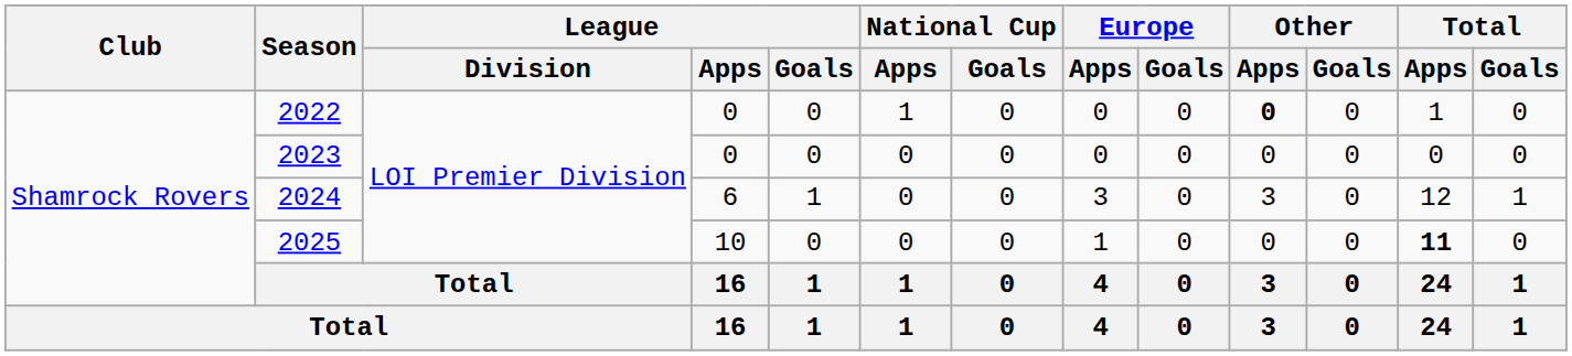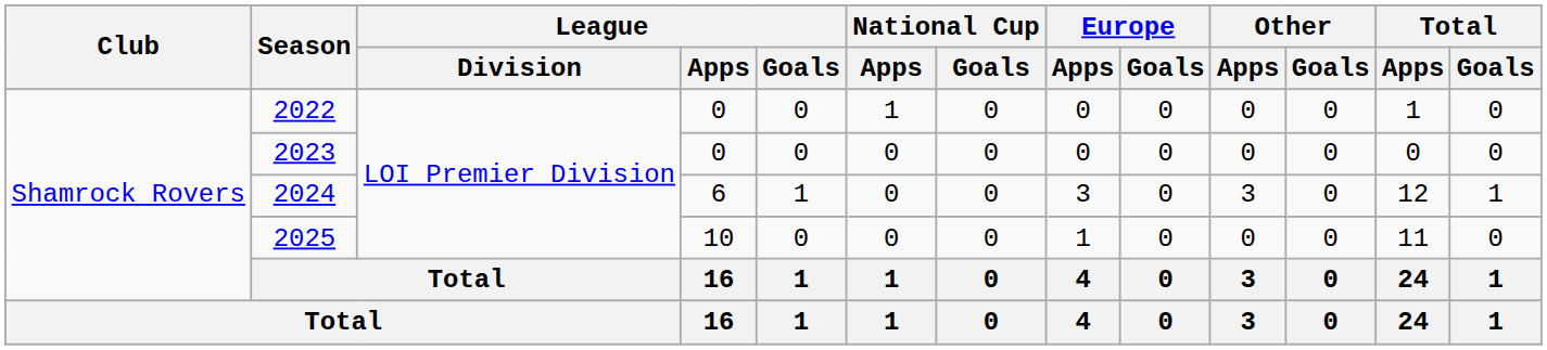 <table class=wikitable style="text-align: center">
 <tr>
 <th rowspan=2>Club</th>
 <th rowspan=2>Season</th>
 <th colspan=3>League</th>
 <th colspan=2>National Cup</th>
 <th colspan=2><a href='#'>Europe</a></th>
 <th colspan=2>Other</th>
 <th colspan=2>Total</th>
 </tr>
 <tr>
 <th>Division</th>
 <th>Apps</th>
 <th>Goals</th>
 <th>Apps</th>
 <th>Goals</th>
 <th>Apps</th>
 <th>Goals</th>
 <th>Apps</th>
 <th>Goals</th>
 <th>Apps</th>
 <th>Goals</th>
 </tr>
 <tr>
 <td rowspan="5"><a href='#'>Shamrock Rovers</a></td>
 <td><a href='#'>2022</a></td>
 <td rowspan="4"><a href='#'>LOI Premier Division</a></td>
 <td>0</td>
 <td>0</td>
 <td>1</td>
 <td>0</td>
 <td>0</td>
 <td>0</td>
-<td><strong>0</strong></td>
+<td>0</td>
 <td>0</td>
 <td>1</td>
 <td>0</td>
 </tr>
 <tr>
 <td><a href='#'>2023</a></td>
 <td>0</td>
 <td>0</td>
 <td>0</td>
 <td>0</td>
 <td>0</td>
 <td>0</td>
 <td>0</td>
 <td>0</td>
 <td>0</td>
 <td>0</td>
 </tr>
 <tr>
 <td><a href='#'>2024</a></td>
 <td>6</td>
 <td>1</td>
 <td>0</td>
 <td>0</td>
 <td>3</td>
 <td>0</td>
 <td>3</td>
 <td>0</td>
 <td>12</td>
 <td>1</td>
 </tr>
 <tr>
 <td><a href='#'>2025</a></td>
 <td>10</td>
 <td>0</td>
 <td>0</td>
 <td>0</td>
 <td>1</td>
 <td>0</td>
 <td>0</td>
 <td>0</td>
-<td><strong>11</strong></td>
+<td>11</td>
 <td>0</td>
 </tr>
 <tr>
 <th colspan="2">Total</th>
 <th>16</th>
 <th>1</th>
 <th>1</th>
 <th>0</th>
 <th>4</th>
 <th>0</th>
 <th>3</th>
 <th>0</th>
 <th>24</th>
 <th>1</th>
 </tr>
 <tr>
 <th colspan="3">Total</th>
 <th>16</th>
 <th>1</th>
 <th>1</th>
 <th>0</th>
 <th>4</th>
 <th>0</th>
 <th>3</th>
 <th>0</th>
 <th>24</th>
 <th>1</th>
 </tr>
 </table>
